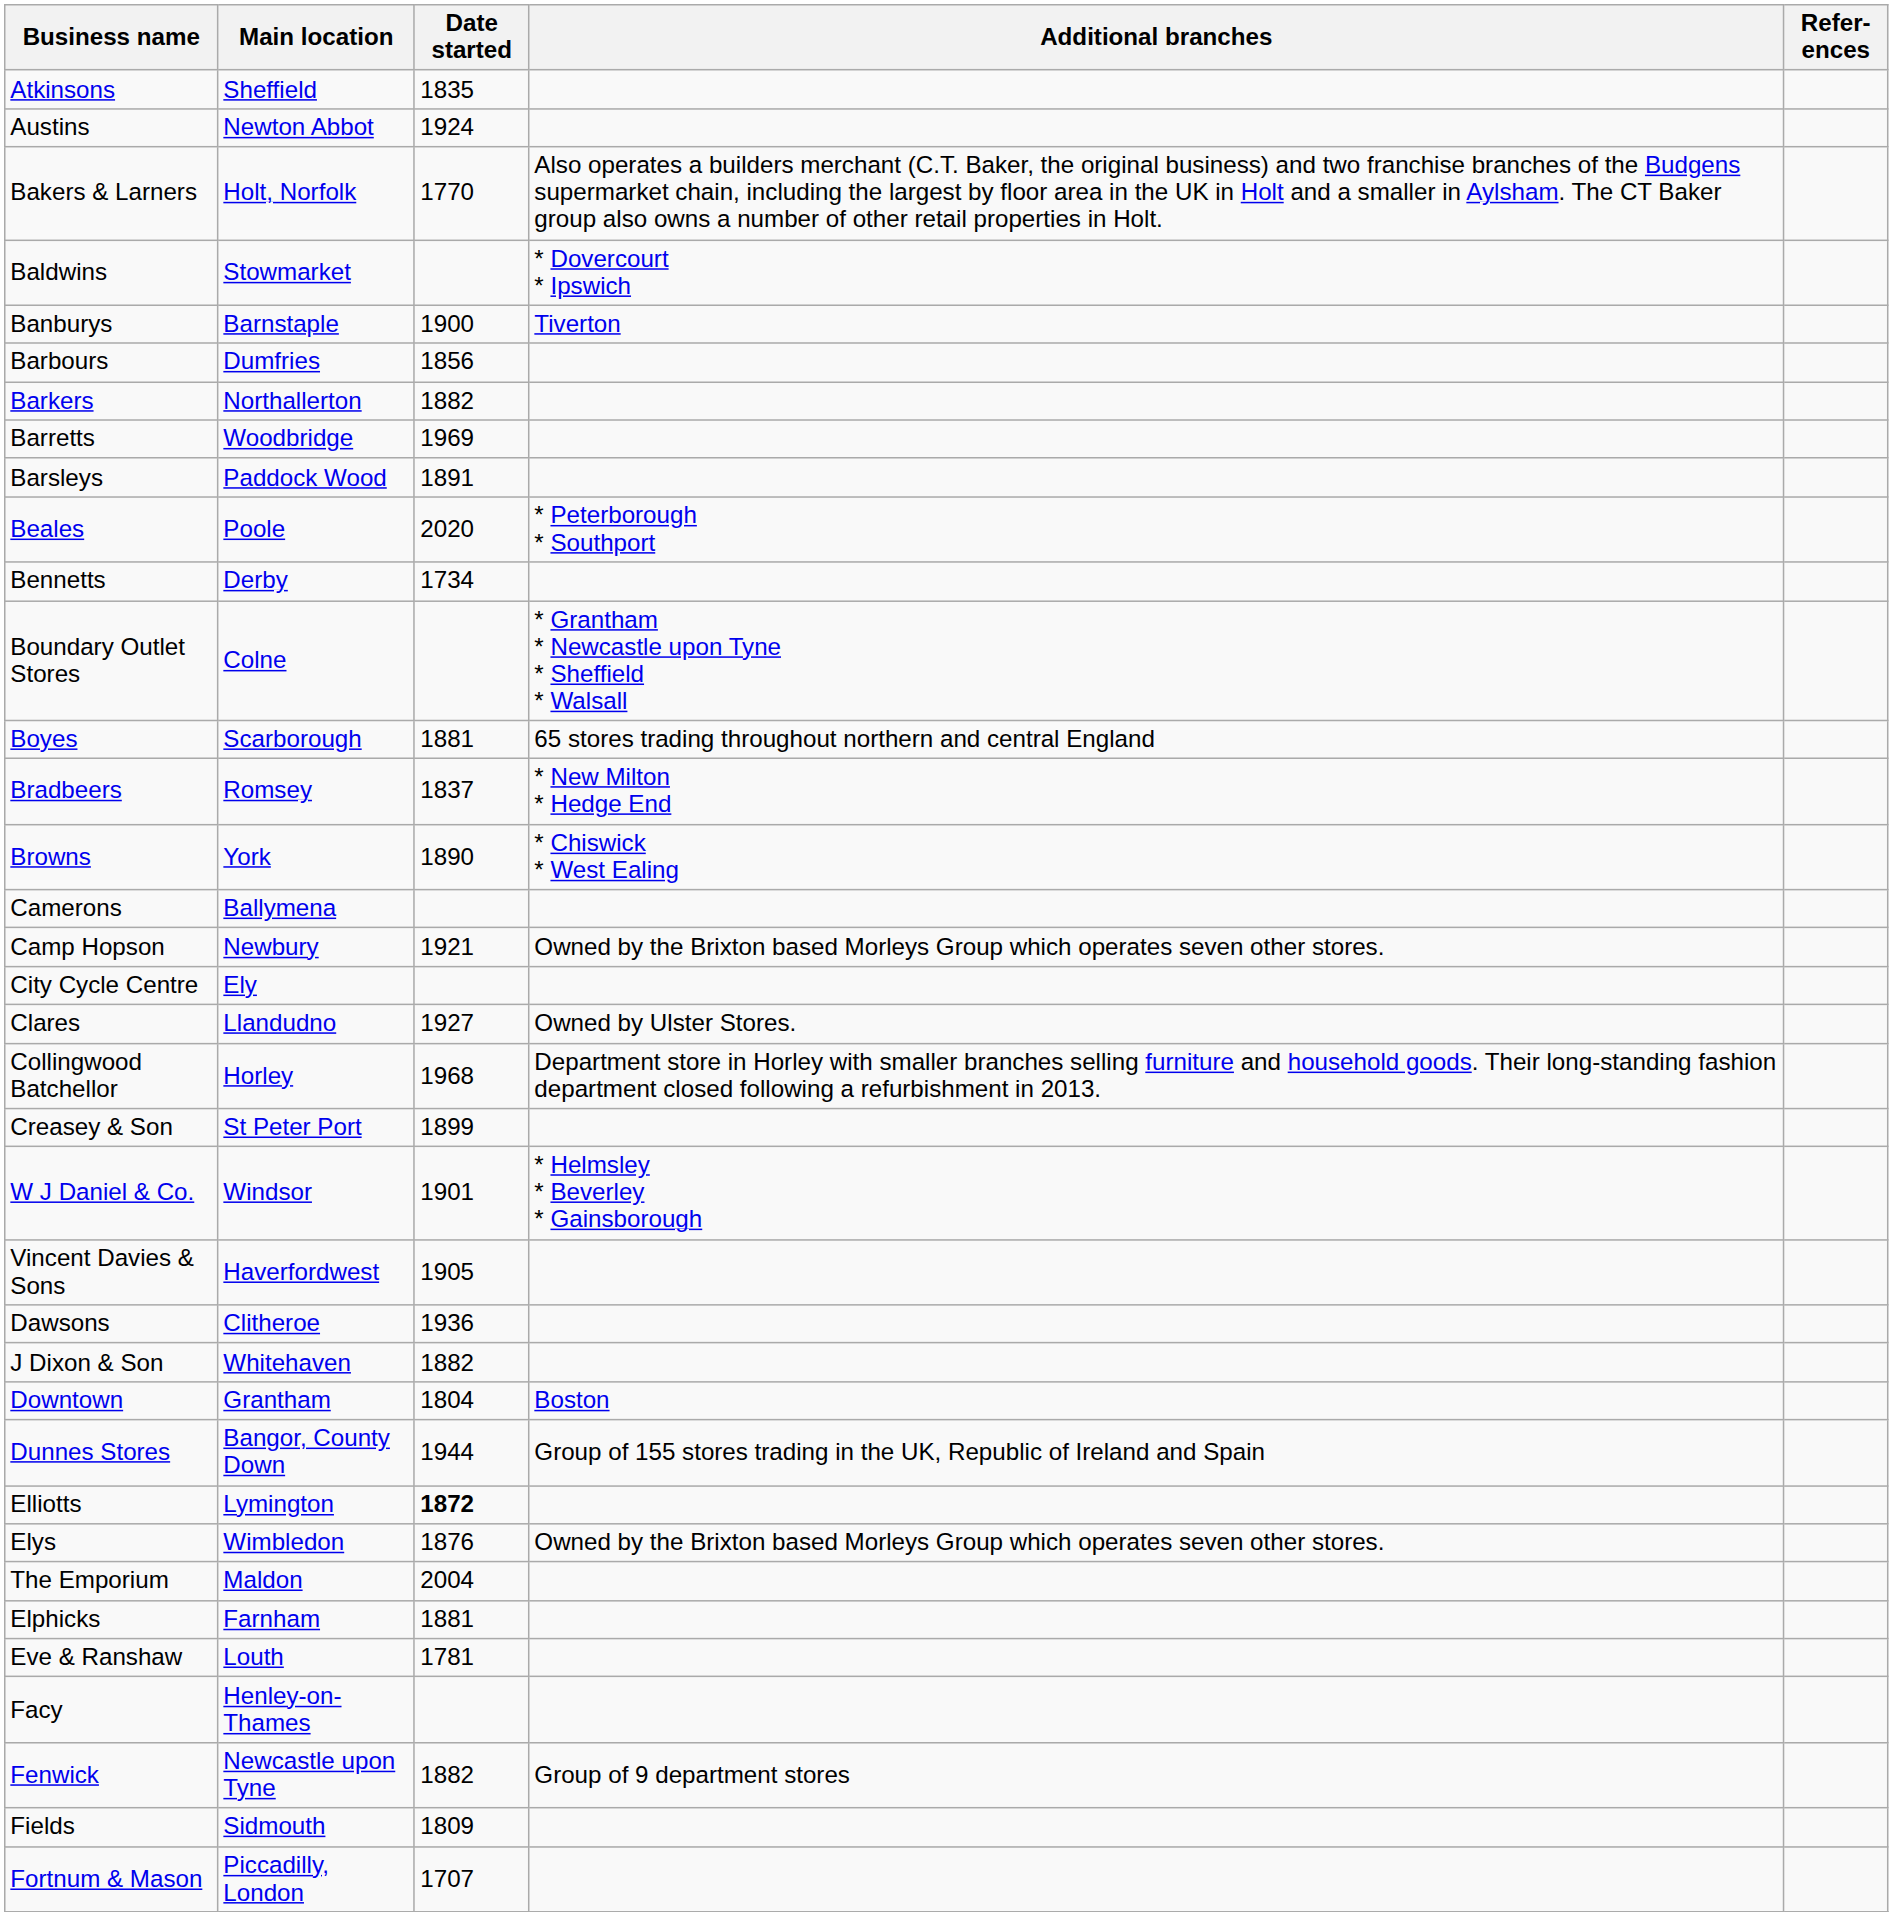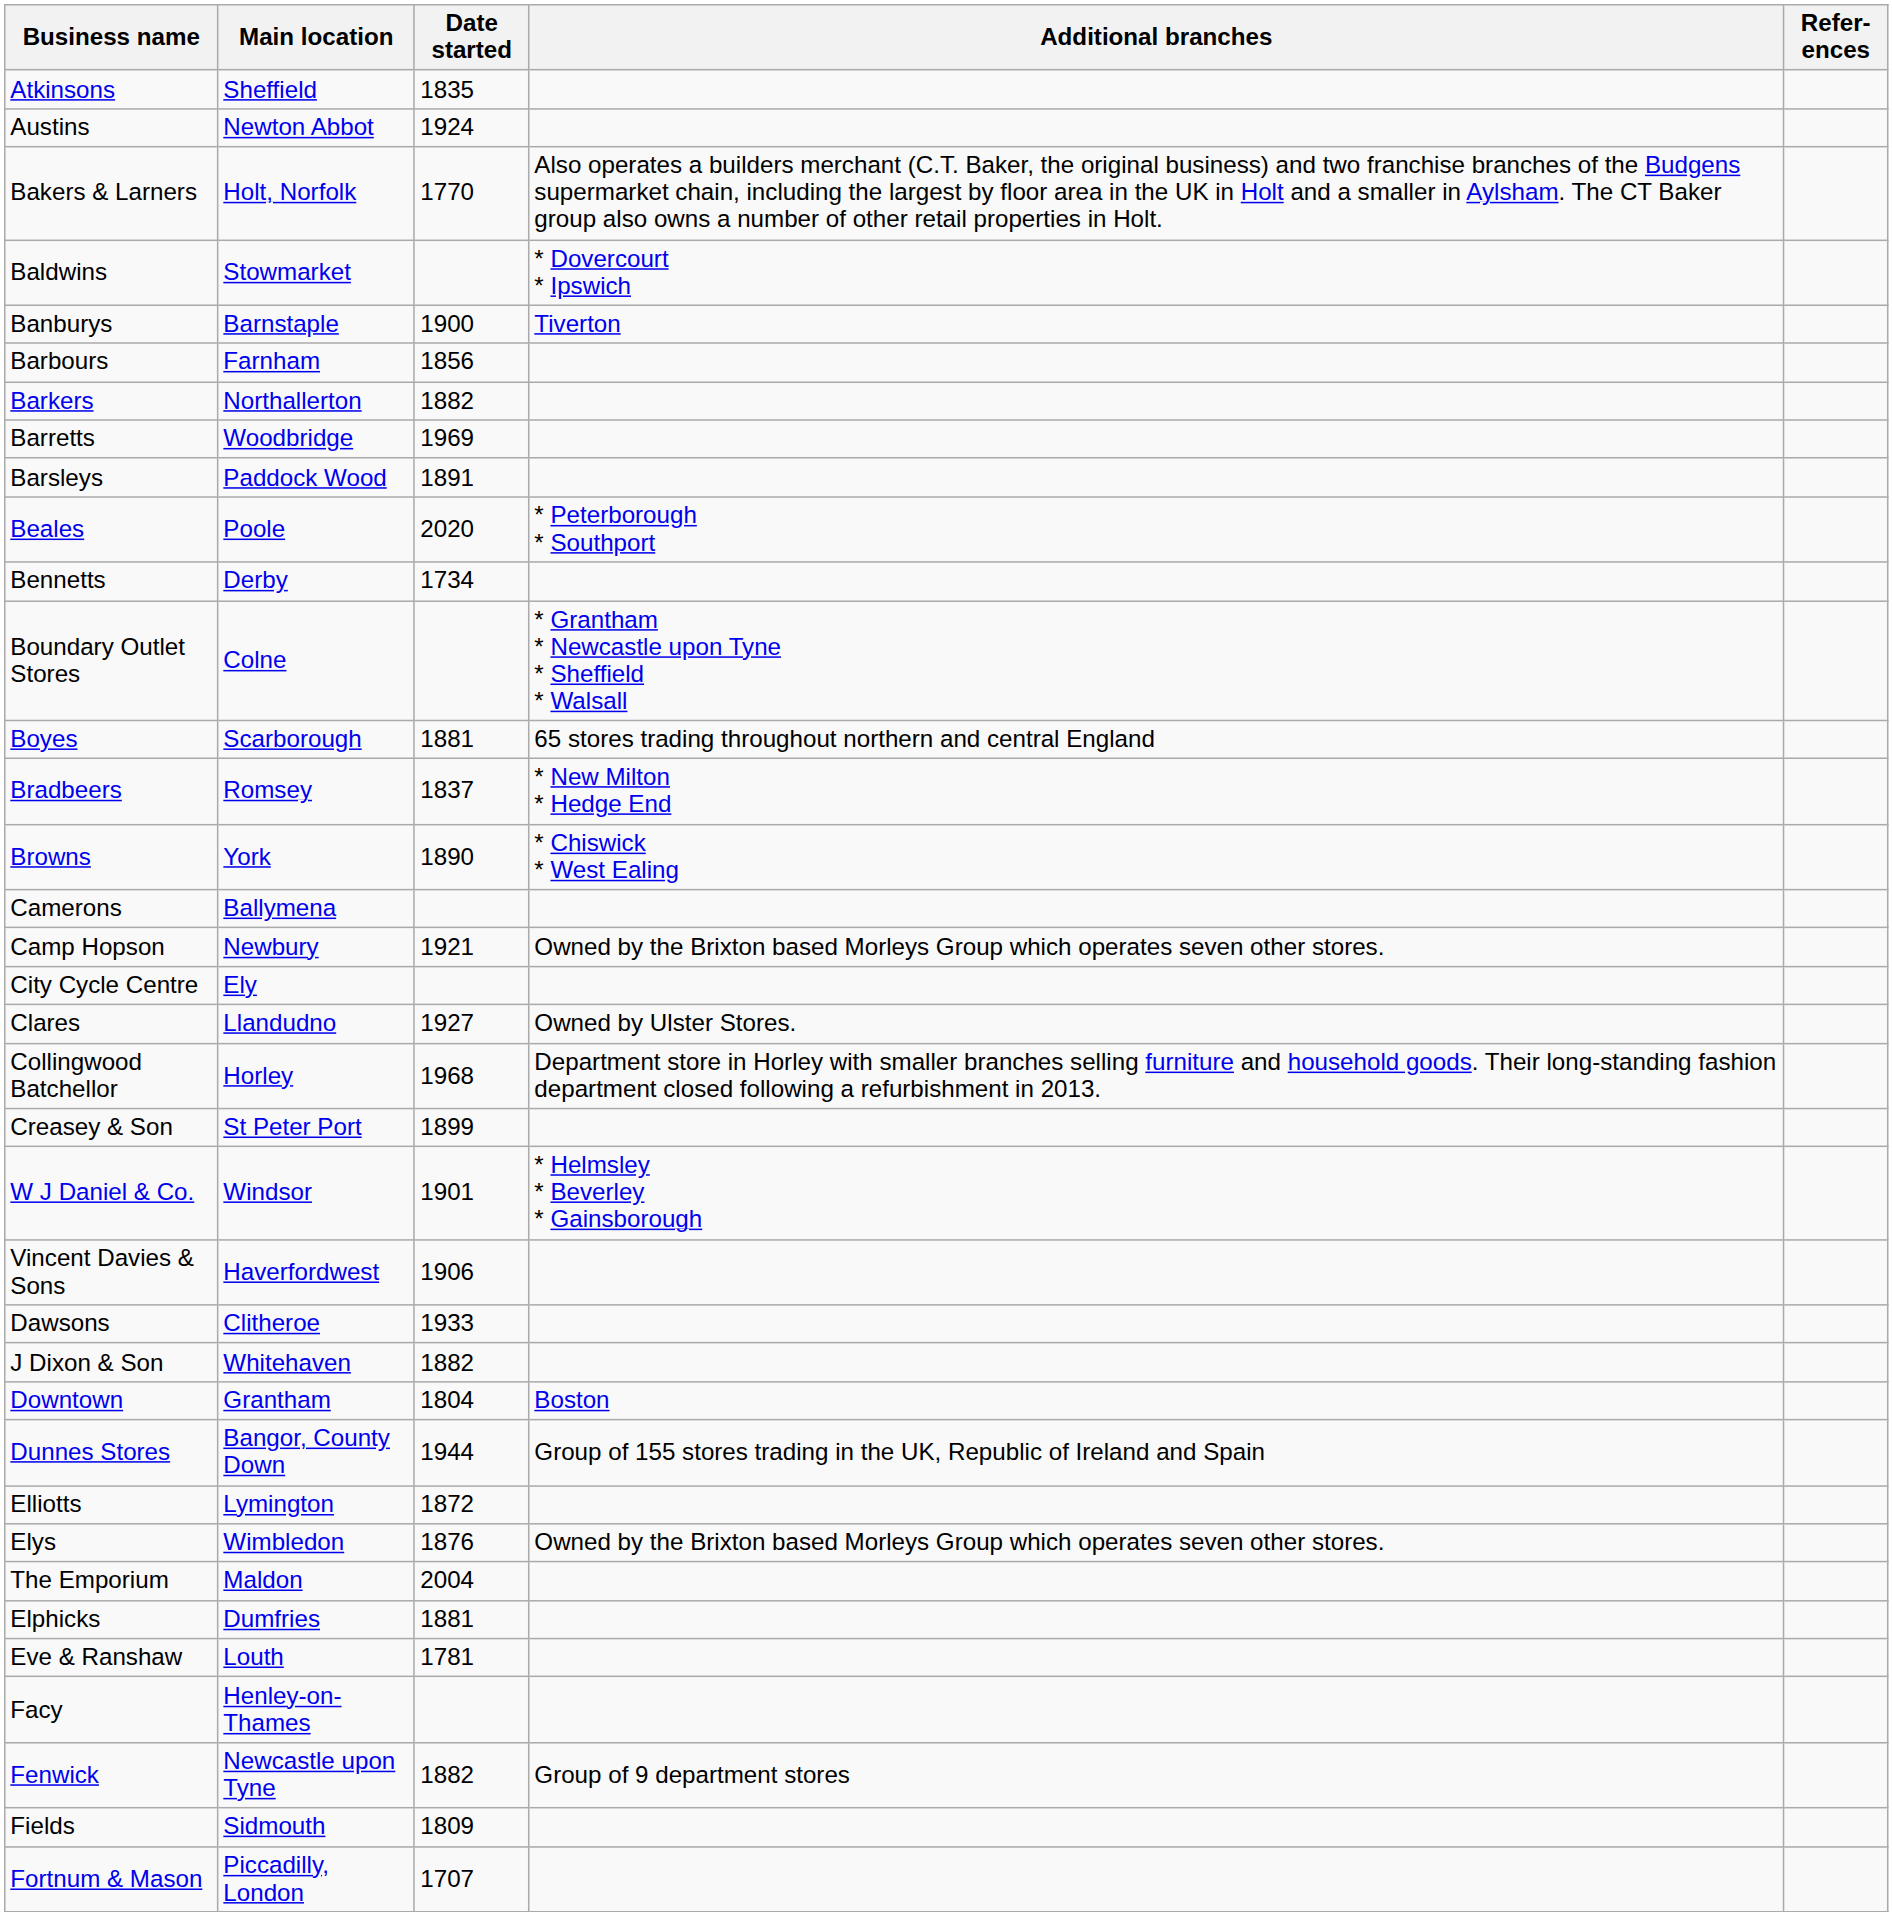 <table class="wikitable sortable">
 <tr>
 <th>Business name</th>
 <th>Main location</th>
 <th>Date started</th>
 <th>Additional branches</th>
 <th>Refer­ences</th>
 </tr>
 <tr>
 <td><a href='#'>Atkinsons</a></td>
 <td><a href='#'>Sheffield</a></td>
 <td>1835</td>
 <td></td>
 <td></td>
 </tr>
 <tr>
 <td>Austins</td>
 <td><a href='#'>Newton Abbot</a></td>
 <td>1924</td>
 <td></td>
 <td></td>
 </tr>
 <tr>
 <td>Bakers & Larners</td>
 <td><a href='#'>Holt, Norfolk</a></td>
 <td>1770</td>
 <td>Also operates a builders merchant (C.T. Baker, the original business) and two franchise branches of the <a href='#'>Budgens</a> supermarket chain, including the largest by floor area in the UK in <a href='#'>Holt</a> and a smaller in <a href='#'>Aylsham</a>. The CT Baker group also owns a number of other retail properties in Holt.</td>
 <td></td>
 </tr>
 <tr>
 <td>Baldwins</td>
 <td><a href='#'>Stowmarket</a></td>
 <td></td>
 <td>* <a href='#'>Dovercourt</a><br>* <a href='#'>Ipswich</a></td>
 <td></td>
 </tr>
 <tr>
 <td>Banburys</td>
 <td><a href='#'>Barnstaple</a></td>
 <td>1900</td>
 <td><a href='#'>Tiverton</a></td>
 <td></td>
 </tr>
 <tr>
 <td>Barbours</td>
-<td><a href='#'>Dumfries</a></td>
+<td><a href='#'>Farnham</a></td>
 <td>1856</td>
 <td></td>
 <td></td>
 </tr>
 <tr>
 <td><a href='#'>Barkers</a></td>
 <td><a href='#'>Northallerton</a></td>
 <td>1882</td>
 <td></td>
 <td></td>
 </tr>
 <tr>
 <td>Barretts</td>
 <td><a href='#'>Woodbridge</a></td>
 <td>1969</td>
 <td></td>
 <td></td>
 </tr>
 <tr>
 <td>Barsleys</td>
 <td><a href='#'>Paddock Wood</a></td>
 <td>1891</td>
 <td></td>
 <td></td>
 </tr>
 <tr>
 <td><a href='#'>Beales</a></td>
 <td><a href='#'>Poole</a></td>
 <td>2020</td>
 <td>* <a href='#'>Peterborough</a><br> * <a href='#'>Southport</a></td>
 <td></td>
 </tr>
 <tr>
 <td>Bennetts</td>
 <td><a href='#'>Derby</a></td>
 <td>1734</td>
 <td></td>
 <td></td>
 </tr>
 <tr>
 <td>Boundary Outlet Stores</td>
 <td><a href='#'>Colne</a></td>
 <td></td>
 <td>* <a href='#'>Grantham</a><br>* <a href='#'>Newcastle upon Tyne</a><br>* <a href='#'>Sheffield</a><br>* <a href='#'>Walsall</a></td>
 <td></td>
 </tr>
 <tr>
 <td><a href='#'>Boyes</a></td>
 <td><a href='#'>Scarborough</a></td>
 <td>1881</td>
 <td>65 stores trading throughout northern and central England</td>
 <td></td>
 </tr>
 <tr>
 <td><a href='#'>Bradbeers</a></td>
 <td><a href='#'>Romsey</a></td>
 <td>1837</td>
 <td>* <a href='#'>New Milton</a><br>* <a href='#'>Hedge End</a></td>
 <td></td>
 </tr>
 <tr>
 <td><a href='#'>Browns</a></td>
 <td><a href='#'>York</a></td>
 <td>1890</td>
 <td>* <a href='#'>Chiswick</a> <br>* <a href='#'>West Ealing</a></td>
 <td></td>
 </tr>
 <tr>
 <td>Camerons</td>
 <td><a href='#'>Ballymena</a></td>
 <td></td>
 <td></td>
 <td></td>
 </tr>
 <tr>
 <td>Camp Hopson</td>
 <td><a href='#'>Newbury</a></td>
 <td>1921</td>
 <td>Owned by the Brixton based Morleys Group which operates seven other stores.</td>
 <td></td>
 </tr>
 <tr>
 <td>City Cycle Centre</td>
 <td><a href='#'>Ely</a></td>
 <td></td>
 <td></td>
 <td></td>
 </tr>
 <tr>
 <td>Clares</td>
 <td><a href='#'>Llandudno</a></td>
 <td>1927</td>
 <td>Owned by Ulster Stores.</td>
 <td></td>
 </tr>
 <tr>
 <td>Collingwood Batchellor</td>
 <td><a href='#'>Horley</a></td>
 <td>1968</td>
 <td>Department store in Horley with smaller branches selling <a href='#'>furniture</a> and <a href='#'>household goods</a>. Their long-standing fashion department closed following a refurbishment in 2013.</td>
 <td></td>
 </tr>
 <tr>
 <td>Creasey & Son</td>
 <td><a href='#'>St Peter Port</a></td>
 <td>1899</td>
 <td></td>
 <td></td>
 </tr>
 <tr>
 <td><a href='#'>W J Daniel & Co.</a></td>
 <td><a href='#'>Windsor</a></td>
 <td>1901</td>
 <td>* <a href='#'>Helmsley</a><br>* <a href='#'>Beverley</a><br>* <a href='#'>Gainsborough</a></td>
 <td></td>
 </tr>
 <tr>
 <td>Vincent Davies & Sons</td>
 <td><a href='#'>Haverfordwest</a></td>
-<td>1905</td>
+<td>1906</td>
 <td></td>
 <td></td>
 </tr>
 <tr>
 <td>Dawsons</td>
 <td><a href='#'>Clitheroe</a></td>
-<td>1936</td>
+<td>1933</td>
 <td></td>
 <td></td>
 </tr>
 <tr>
 <td>J Dixon & Son</td>
 <td><a href='#'>Whitehaven</a></td>
 <td>1882</td>
 <td></td>
 <td></td>
 </tr>
 <tr>
 <td><a href='#'>Downtown</a></td>
 <td><a href='#'>Grantham</a></td>
 <td>1804</td>
 <td><a href='#'>Boston</a></td>
 <td></td>
 </tr>
 <tr>
 <td><a href='#'>Dunnes Stores</a></td>
 <td><a href='#'>Bangor, County Down</a></td>
 <td>1944</td>
 <td>Group of 155 stores trading in the UK, Republic of Ireland and Spain</td>
 <td></td>
 </tr>
 <tr>
 <td>Elliotts</td>
 <td><a href='#'>Lymington</a></td>
-<td><strong>1872</strong></td>
+<td>1872</td>
 <td></td>
 <td></td>
 </tr>
 <tr>
 <td>Elys</td>
 <td><a href='#'>Wimbledon</a></td>
 <td>1876</td>
 <td>Owned by the Brixton based Morleys Group which operates seven other stores.</td>
 <td></td>
 </tr>
 <tr>
 <td>The Emporium</td>
 <td><a href='#'>Maldon</a></td>
 <td>2004</td>
 <td></td>
 <td></td>
 </tr>
 <tr>
 <td>Elphicks</td>
-<td><a href='#'>Farnham</a></td>
+<td><a href='#'>Dumfries</a></td>
 <td>1881</td>
 <td></td>
 <td></td>
 </tr>
 <tr>
 <td>Eve & Ranshaw</td>
 <td><a href='#'>Louth</a></td>
 <td>1781</td>
 <td></td>
 <td></td>
 </tr>
 <tr>
 <td>Facy</td>
 <td><a href='#'>Henley-on-Thames</a></td>
 <td></td>
 <td></td>
 <td></td>
 </tr>
 <tr>
 <td><a href='#'>Fenwick</a></td>
 <td><a href='#'>Newcastle upon Tyne</a></td>
 <td>1882</td>
 <td>Group of 9 department stores</td>
 <td></td>
 </tr>
 <tr>
 <td>Fields</td>
 <td><a href='#'>Sidmouth</a></td>
 <td>1809</td>
 <td></td>
 <td></td>
 </tr>
 <tr>
 <td><a href='#'>Fortnum & Mason</a></td>
 <td><a href='#'>Piccadilly, London</a></td>
 <td>1707</td>
 <td></td>
 <td></td>
 </tr>
 <tr>
 </tr>
 </table>
